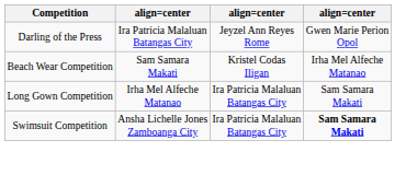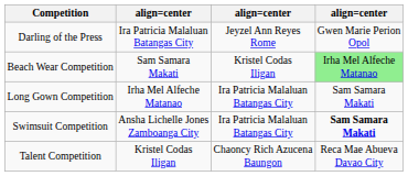 <table class="wikitable sortable" style="font-size:95%;">
 <tr>
 <th>Competition</th>
 <th>align=center </th>
 <th>align=center </th>
 <th>align=center </th>
 </tr>
 <tr align="center">
 <td>Darling of the Press</td>
 <td>Ira Patricia Malaluan<br><a href='#'>Batangas City</a></td>
 <td>Jeyzel Ann Reyes<br><a href='#'>Rome</a></td>
 <td>Gwen Marie Perion<br><a href='#'>Opol</a></td>
 </tr>
 <tr align="center">
 <td>Beach Wear Competition</td>
 <td>Sam Samara<br><a href='#'>Makati</a></td>
 <td>Kristel Codas<br><a href='#'>Iligan</a></td>
-<td>Irha Mel Alfeche<br><a href='#'>Matanao</a></td>
+<td style="background: lightgreen;">Irha Mel Alfeche<br><a href='#'>Matanao</a></td>
 </tr>
 <tr align="center">
 <td>Long Gown Competition</td>
 <td>Irha Mel Alfeche<br><a href='#'>Matanao</a></td>
 <td>Ira Patricia Malaluan<br><a href='#'>Batangas City</a></td>
 <td>Sam Samara<br><a href='#'>Makati</a></td>
 </tr>
 <tr align="center">
 <td>Swimsuit Competition<br></td>
 <td>Ansha Lichelle Jones<br><a href='#'>Zamboanga City</a></td>
 <td>Ira Patricia Malaluan<br><a href='#'>Batangas City</a></td>
 <td><strong>Sam Samara<br><a href='#'>Makati</a></strong></td>
 </tr>
+<tr align="center">
+<td>Talent Competition</td>
+<td>Kristel Codas<br><a href='#'>Iligan</a></td>
+<td>Chaoncy Rich Azucena<br><a href='#'>Baungon</a></td>
+<td>Reca Mae Abueva<br><a href='#'>Davao City</a></td>
+</tr>
 </table>
